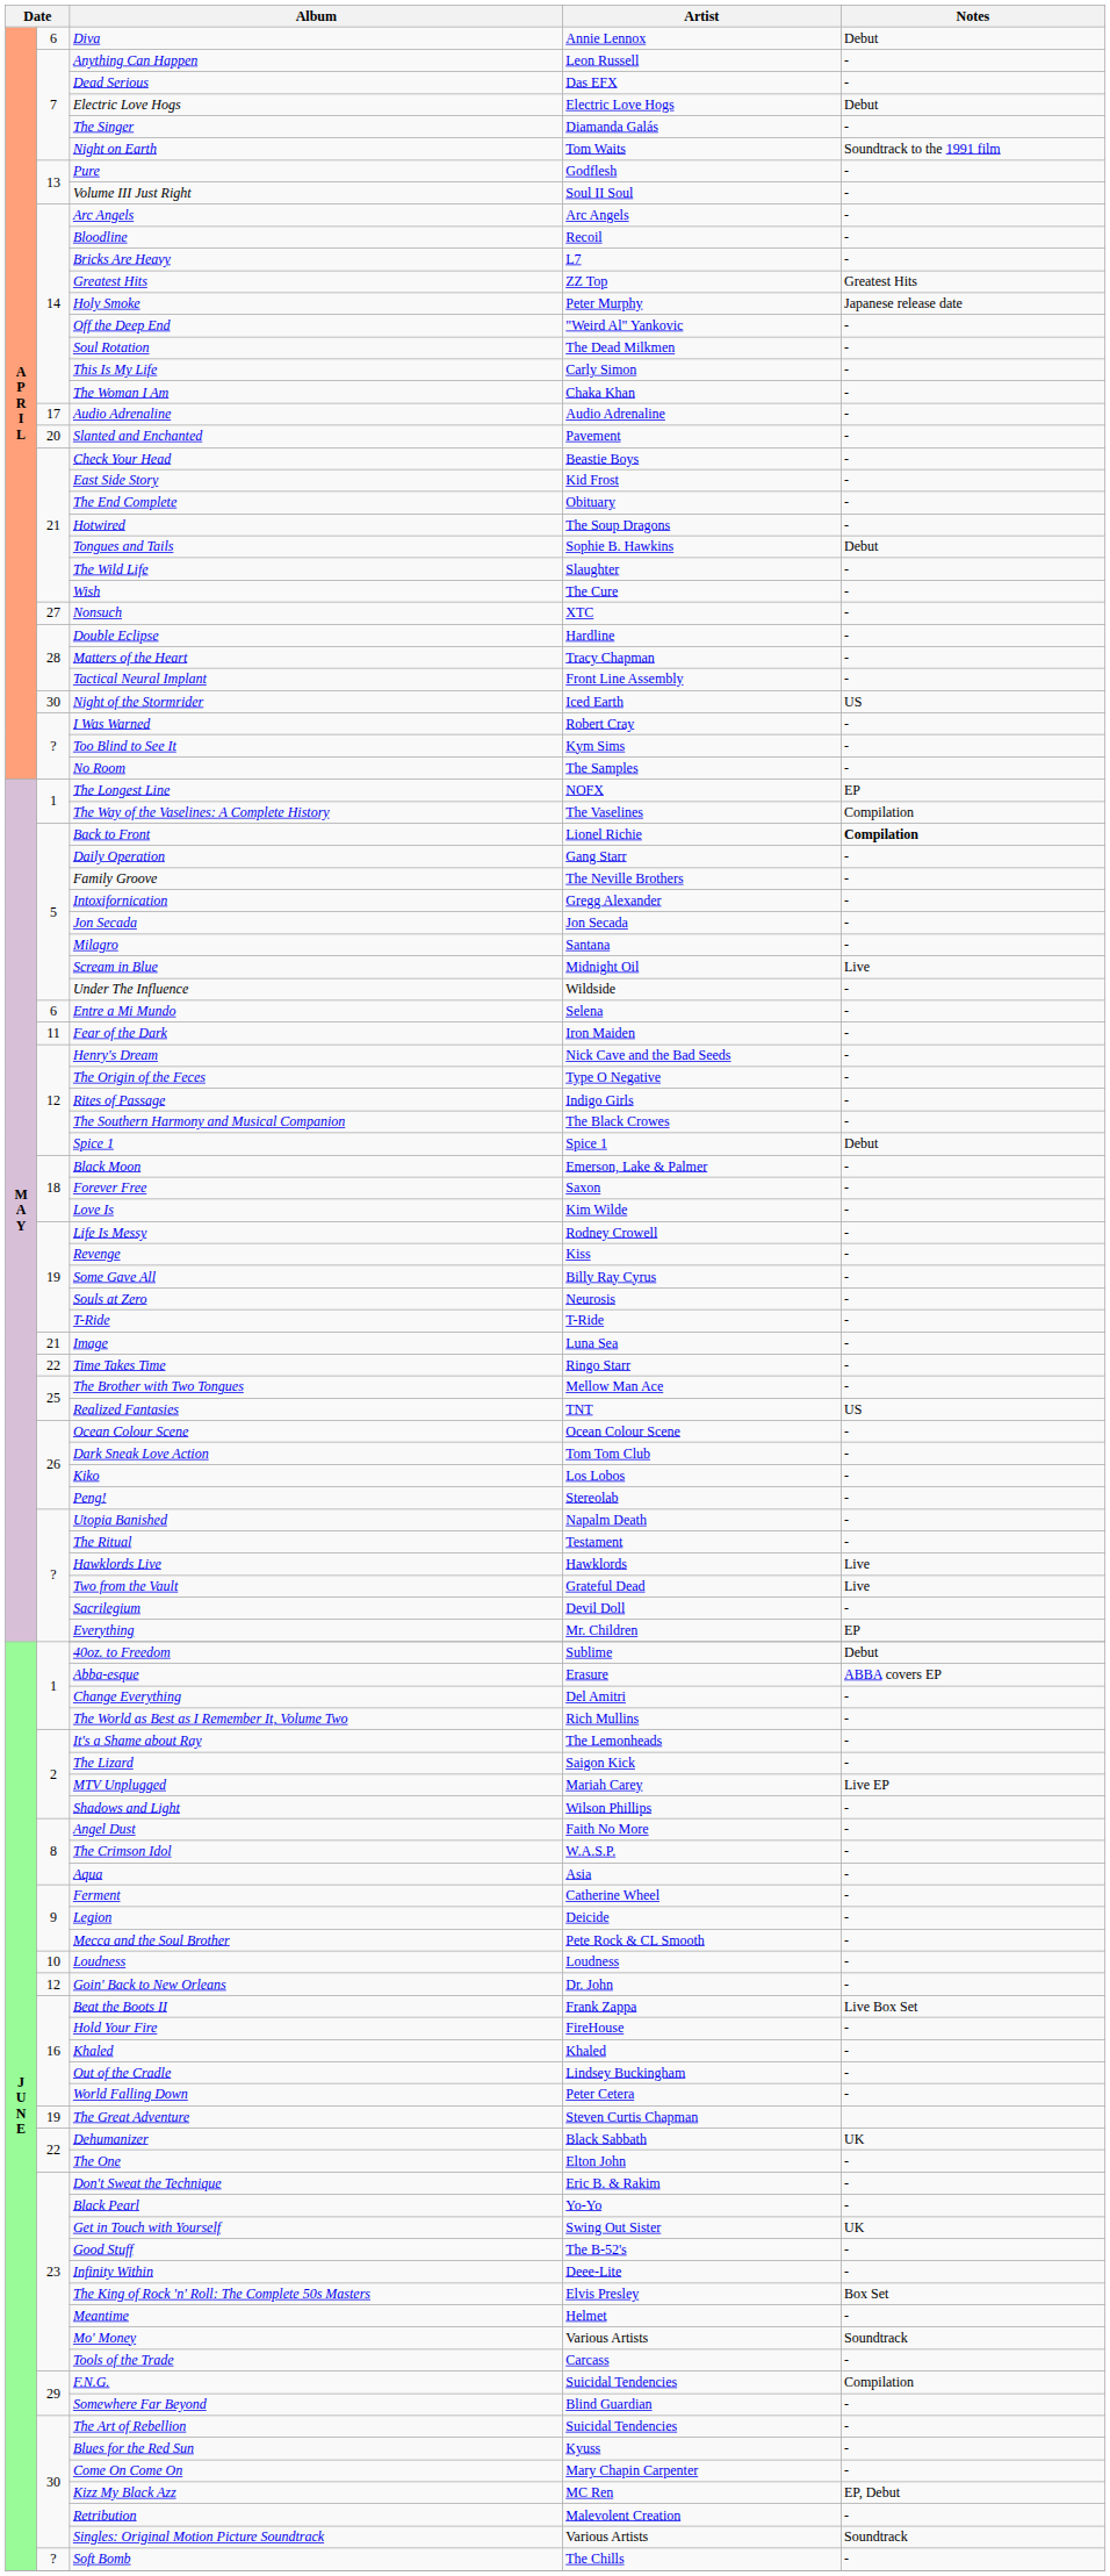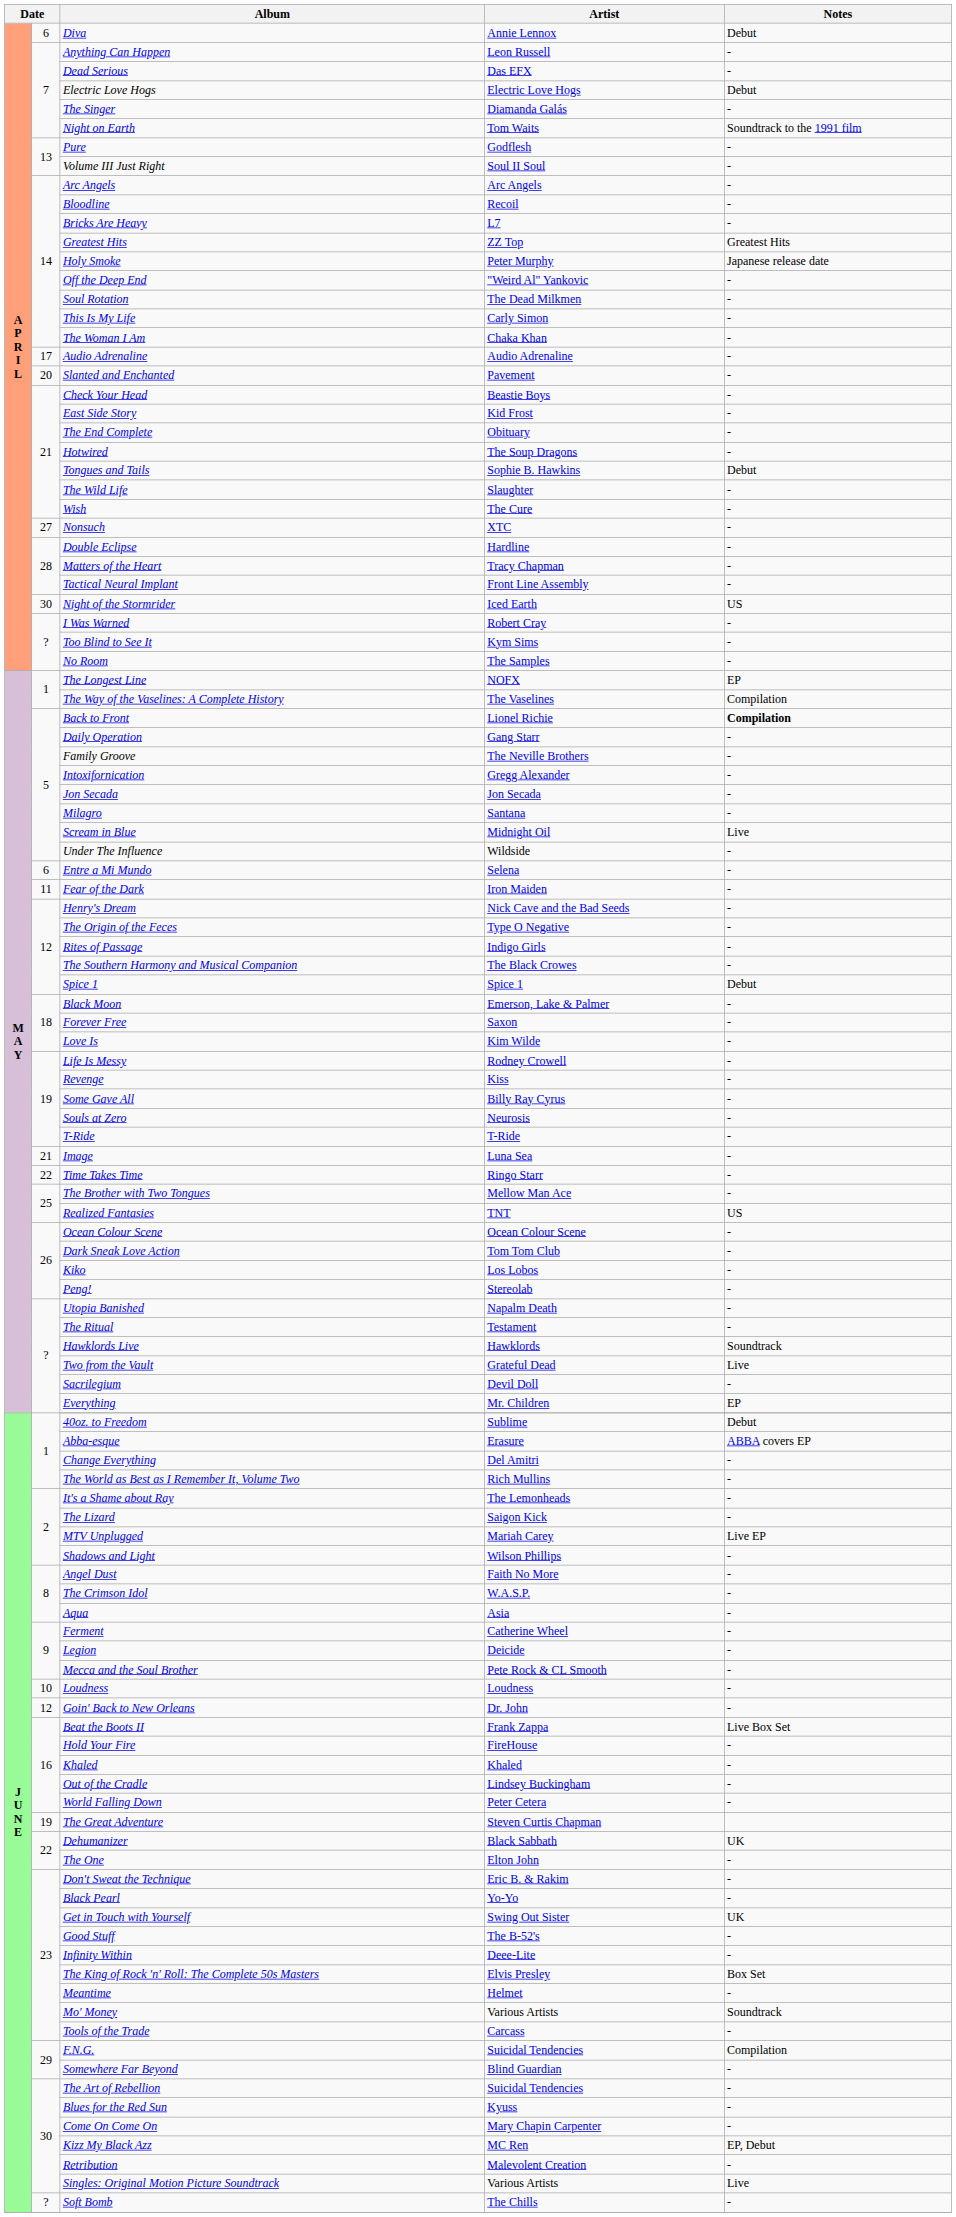 <table class="wikitable" width="100%">
 <tr>
 <th colspan="2">Date</th>
 <th>Album</th>
 <th>Artist</th>
 <th>Notes</th>
 </tr>
 <tr>
 <td rowspan="34" valign="center" align="center" style="background:#FFA07A; textcolor:#000;"><strong>A<br>P<br>R<br>I<br>L</strong></td>
 <td align="center">6</td>
 <td><em><a href='#'>Diva</a></em></td>
 <td><a href='#'>Annie Lennox</a></td>
 <td>Debut</td>
 </tr>
 <tr>
 <td rowspan="5" align="center">7</td>
 <td><em><a href='#'>Anything Can Happen</a></em></td>
 <td><a href='#'>Leon Russell</a></td>
 <td>-</td>
 </tr>
 <tr>
 <td><em><a href='#'>Dead Serious</a></em></td>
 <td><a href='#'>Das EFX</a></td>
 <td>-</td>
 </tr>
 <tr>
 <td><em>Electric Love Hogs</em></td>
 <td><a href='#'>Electric Love Hogs</a></td>
 <td>Debut</td>
 </tr>
 <tr>
 <td><em><a href='#'>The Singer</a></em></td>
 <td><a href='#'>Diamanda Galás</a></td>
 <td>-</td>
 </tr>
 <tr>
 <td><em><a href='#'>Night on Earth</a></em></td>
 <td><a href='#'>Tom Waits</a></td>
 <td>Soundtrack to the <a href='#'>1991 film</a></td>
 </tr>
 <tr>
 <td rowspan="2" align="center">13</td>
 <td><em><a href='#'>Pure</a></em></td>
 <td><a href='#'>Godflesh</a></td>
 <td>-</td>
 </tr>
 <tr>
 <td><em>Volume III Just Right</em></td>
 <td><a href='#'>Soul II Soul</a></td>
 <td>-</td>
 </tr>
 <tr>
 <td rowspan="9" align="center">14</td>
 <td><em><a href='#'>Arc Angels</a></em></td>
 <td><a href='#'>Arc Angels</a></td>
 <td>-</td>
 </tr>
 <tr>
 <td><em><a href='#'>Bloodline</a></em></td>
 <td><a href='#'>Recoil</a></td>
 <td>-</td>
 </tr>
 <tr>
 <td><em><a href='#'>Bricks Are Heavy</a></em></td>
 <td><a href='#'>L7</a></td>
 <td>-</td>
 </tr>
 <tr>
 <td><em><a href='#'>Greatest Hits</a></em></td>
 <td><a href='#'>ZZ Top</a></td>
 <td>Greatest Hits</td>
 </tr>
 <tr>
 <td><em><a href='#'>Holy Smoke</a></em></td>
 <td><a href='#'>Peter Murphy</a></td>
 <td>Japanese release date</td>
 </tr>
 <tr>
 <td><em><a href='#'>Off the Deep End</a></em></td>
 <td><a href='#'>"Weird Al" Yankovic</a></td>
 <td>-</td>
 </tr>
 <tr>
 <td><em><a href='#'>Soul Rotation</a></em></td>
 <td><a href='#'>The Dead Milkmen</a></td>
 <td>-</td>
 </tr>
 <tr>
 <td><em><a href='#'>This Is My Life</a></em></td>
 <td><a href='#'>Carly Simon</a></td>
 <td>-</td>
 </tr>
 <tr>
 <td><em><a href='#'>The Woman I Am</a></em></td>
 <td><a href='#'>Chaka Khan</a></td>
 <td>-</td>
 </tr>
 <tr>
 <td align="center">17</td>
 <td><em><a href='#'>Audio Adrenaline</a></em></td>
 <td><a href='#'>Audio Adrenaline</a></td>
 <td>-</td>
 </tr>
 <tr>
 <td align="center">20</td>
 <td><em><a href='#'>Slanted and Enchanted</a></em></td>
 <td><a href='#'>Pavement</a></td>
 <td>-</td>
 </tr>
 <tr>
 <td rowspan="7" align="center">21</td>
 <td><em><a href='#'>Check Your Head</a></em></td>
 <td><a href='#'>Beastie Boys</a></td>
 <td>-</td>
 </tr>
 <tr>
 <td><em><a href='#'>East Side Story</a></em></td>
 <td><a href='#'>Kid Frost</a></td>
 <td>-</td>
 </tr>
 <tr>
 <td><em><a href='#'>The End Complete</a></em></td>
 <td><a href='#'>Obituary</a></td>
 <td>-</td>
 </tr>
 <tr>
 <td><em><a href='#'>Hotwired</a></em></td>
 <td><a href='#'>The Soup Dragons</a></td>
 <td>-</td>
 </tr>
 <tr>
 <td><em><a href='#'>Tongues and Tails</a></em></td>
 <td><a href='#'>Sophie B. Hawkins</a></td>
 <td>Debut</td>
 </tr>
 <tr>
 <td><em><a href='#'>The Wild Life</a></em></td>
 <td><a href='#'>Slaughter</a></td>
 <td>-</td>
 </tr>
 <tr>
 <td><em><a href='#'>Wish</a></em></td>
 <td><a href='#'>The Cure</a></td>
 <td>-</td>
 </tr>
 <tr>
 <td align="center">27</td>
 <td><em><a href='#'>Nonsuch</a></em></td>
 <td><a href='#'>XTC</a></td>
 <td>-</td>
 </tr>
 <tr>
 <td rowspan="3" align="center">28</td>
 <td><em><a href='#'>Double Eclipse</a></em></td>
 <td><a href='#'>Hardline</a></td>
 <td>-</td>
 </tr>
 <tr>
 <td><em><a href='#'>Matters of the Heart</a></em></td>
 <td><a href='#'>Tracy Chapman</a></td>
 <td>-</td>
 </tr>
 <tr>
 <td><em><a href='#'>Tactical Neural Implant</a></em></td>
 <td><a href='#'>Front Line Assembly</a></td>
 <td>-</td>
 </tr>
 <tr>
 <td rowspan="1" align="center">30</td>
 <td><em><a href='#'>Night of the Stormrider</a></em></td>
 <td><a href='#'>Iced Earth</a></td>
 <td>US</td>
 </tr>
 <tr>
 <td rowspan="3" align="center">?</td>
 <td><em><a href='#'>I Was Warned</a></em></td>
 <td><a href='#'>Robert Cray</a></td>
 <td>-</td>
 </tr>
 <tr>
 <td><em><a href='#'>Too Blind to See It</a></em></td>
 <td><a href='#'>Kym Sims</a></td>
 <td>-</td>
 </tr>
 <tr>
 <td><em><a href='#'>No Room</a></em></td>
 <td><a href='#'>The Samples</a></td>
 <td>-</td>
 </tr>
 <tr>
 <td rowspan="39" valign="center" align="center" style="background:#D8BFD8; textcolor:#000;"><strong>M<br>A<br>Y</strong></td>
 <td rowspan="2" align="center">1</td>
 <td><em><a href='#'>The Longest Line</a></em></td>
 <td><a href='#'>NOFX</a></td>
 <td>EP</td>
 </tr>
 <tr>
 <td><em><a href='#'>The Way of the Vaselines: A Complete History</a></em></td>
 <td><a href='#'>The Vaselines</a></td>
 <td>Compilation</td>
 </tr>
 <tr>
 <td rowspan="8" align="center">5</td>
 <td><em><a href='#'>Back to Front</a></em></td>
 <td><a href='#'>Lionel Richie</a></td>
 <td><strong>Compilation</strong></td>
 </tr>
 <tr>
 <td><em><a href='#'>Daily Operation</a></em></td>
 <td><a href='#'>Gang Starr</a></td>
 <td>-</td>
 </tr>
 <tr>
 <td><em>Family Groove</em></td>
 <td><a href='#'>The Neville Brothers</a></td>
 <td>-</td>
 </tr>
 <tr>
 <td><em><a href='#'>Intoxifornication</a></em></td>
 <td><a href='#'>Gregg Alexander</a></td>
 <td>-</td>
 </tr>
 <tr>
 <td><em><a href='#'>Jon Secada</a></em></td>
 <td><a href='#'>Jon Secada</a></td>
 <td>-</td>
 </tr>
 <tr>
 <td><em><a href='#'>Milagro</a></em></td>
 <td><a href='#'>Santana</a></td>
 <td>-</td>
 </tr>
 <tr>
 <td><em><a href='#'>Scream in Blue</a></em></td>
 <td><a href='#'>Midnight Oil</a></td>
 <td>Live</td>
 </tr>
 <tr>
 <td><em>Under The Influence</em></td>
 <td>Wildside</td>
 <td>-</td>
 </tr>
 <tr>
 <td align="center">6</td>
 <td><em><a href='#'>Entre a Mi Mundo</a></em></td>
 <td><a href='#'>Selena</a></td>
 <td>-</td>
 </tr>
 <tr>
 <td align="center">11</td>
 <td><em><a href='#'>Fear of the Dark</a></em></td>
 <td><a href='#'>Iron Maiden</a></td>
 <td>-</td>
 </tr>
 <tr>
 <td rowspan="5" align="center">12</td>
 <td><em><a href='#'>Henry's Dream</a></em></td>
 <td><a href='#'>Nick Cave and the Bad Seeds</a></td>
 <td>-</td>
 </tr>
 <tr>
 <td><em><a href='#'>The Origin of the Feces</a></em></td>
 <td><a href='#'>Type O Negative</a></td>
 <td>-</td>
 </tr>
 <tr>
 <td><em><a href='#'>Rites of Passage</a></em></td>
 <td><a href='#'>Indigo Girls</a></td>
 <td>-</td>
 </tr>
 <tr>
 <td><em><a href='#'>The Southern Harmony and Musical Companion</a></em></td>
 <td><a href='#'>The Black Crowes</a></td>
 <td>-</td>
 </tr>
 <tr>
 <td><em><a href='#'>Spice 1</a></em></td>
 <td><a href='#'>Spice 1</a></td>
 <td>Debut</td>
 </tr>
 <tr>
 <td rowspan="3" align="center">18</td>
 <td><em><a href='#'>Black Moon</a></em></td>
 <td><a href='#'>Emerson, Lake & Palmer</a></td>
 <td>-</td>
 </tr>
 <tr>
 <td><em><a href='#'>Forever Free</a></em></td>
 <td><a href='#'>Saxon</a></td>
 <td>-</td>
 </tr>
 <tr>
 <td><em><a href='#'>Love Is</a></em></td>
 <td><a href='#'>Kim Wilde</a></td>
 <td>-</td>
 </tr>
 <tr>
 <td rowspan="5" align="center">19</td>
 <td><em><a href='#'>Life Is Messy</a></em></td>
 <td><a href='#'>Rodney Crowell</a></td>
 <td>-</td>
 </tr>
 <tr>
 <td><em><a href='#'>Revenge</a></em></td>
 <td><a href='#'>Kiss</a></td>
 <td>-</td>
 </tr>
 <tr>
 <td><em><a href='#'>Some Gave All</a></em></td>
 <td><a href='#'>Billy Ray Cyrus</a></td>
 <td>-</td>
 </tr>
 <tr>
 <td><em><a href='#'>Souls at Zero</a></em></td>
 <td><a href='#'>Neurosis</a></td>
 <td>-</td>
 </tr>
 <tr>
 <td><em><a href='#'>T-Ride</a></em></td>
 <td><a href='#'>T-Ride</a></td>
 <td>-</td>
 </tr>
 <tr>
 <td style="text-align:center;">21</td>
 <td><em><a href='#'>Image</a></em></td>
 <td><a href='#'>Luna Sea</a></td>
 <td>-</td>
 </tr>
 <tr>
 <td style="text-align:center;">22</td>
 <td><em><a href='#'>Time Takes Time</a></em></td>
 <td><a href='#'>Ringo Starr</a></td>
 <td>-</td>
 </tr>
 <tr>
 <td rowspan="2" align="center">25</td>
 <td><em><a href='#'>The Brother with Two Tongues</a></em></td>
 <td><a href='#'>Mellow Man Ace</a></td>
 <td>-</td>
 </tr>
 <tr>
 <td><em><a href='#'>Realized Fantasies</a></em></td>
 <td><a href='#'>TNT</a></td>
 <td>US</td>
 </tr>
 <tr>
 <td rowspan="4" align="center">26</td>
 <td><em><a href='#'>Ocean Colour Scene</a></em></td>
 <td><a href='#'>Ocean Colour Scene</a></td>
 <td>-</td>
 </tr>
 <tr>
 <td><em><a href='#'>Dark Sneak Love Action</a></em></td>
 <td><a href='#'>Tom Tom Club</a></td>
 <td>-</td>
 </tr>
 <tr>
 <td><em><a href='#'>Kiko</a></em></td>
 <td><a href='#'>Los Lobos</a></td>
 <td>-</td>
 </tr>
 <tr>
 <td><em><a href='#'>Peng!</a></em></td>
 <td><a href='#'>Stereolab</a></td>
 <td>-</td>
 </tr>
 <tr>
 <td rowspan="6" align="center">?</td>
 <td><em><a href='#'>Utopia Banished</a></em></td>
 <td><a href='#'>Napalm Death</a></td>
 <td>-</td>
 </tr>
 <tr>
 <td><em><a href='#'>The Ritual</a></em></td>
 <td><a href='#'>Testament</a></td>
 <td>-</td>
 </tr>
 <tr>
 <td><em><a href='#'>Hawklords Live</a></em></td>
 <td><a href='#'>Hawklords</a></td>
-<td>Live</td>
+<td>Soundtrack</td>
 </tr>
 <tr>
 <td><em><a href='#'>Two from the Vault</a></em></td>
 <td><a href='#'>Grateful Dead</a></td>
 <td>Live</td>
 </tr>
 <tr>
 <td><em><a href='#'>Sacrilegium</a></em></td>
 <td><a href='#'>Devil Doll</a></td>
 <td>-</td>
 </tr>
 <tr>
 <td><em><a href='#'>Everything</a></em></td>
 <td><a href='#'>Mr. Children</a></td>
 <td>EP</td>
 </tr>
 <tr>
 <td rowspan="43" style="background:#98FB98; textcolor:#000;" valign="center" align="center"><strong>J<br>U<br>N<br>E</strong></td>
 <td rowspan="5" align="center">1</td>
 </tr>
 <tr>
 <td><em><a href='#'>40oz. to Freedom</a></em></td>
 <td><a href='#'>Sublime</a></td>
 <td>Debut</td>
 </tr>
 <tr>
 <td><em><a href='#'>Abba-esque</a></em></td>
 <td><a href='#'>Erasure</a></td>
 <td><a href='#'>ABBA</a> covers EP</td>
 </tr>
 <tr>
 <td><em><a href='#'>Change Everything</a></em></td>
 <td><a href='#'>Del Amitri</a></td>
 <td>-</td>
 </tr>
 <tr>
 <td><em><a href='#'>The World as Best as I Remember It, Volume Two</a></em></td>
 <td><a href='#'>Rich Mullins</a></td>
 <td>-</td>
 </tr>
 <tr>
 <td rowspan="4" align="center">2</td>
 <td><em><a href='#'>It's a Shame about Ray</a></em></td>
 <td><a href='#'>The Lemonheads</a></td>
 <td>-</td>
 </tr>
 <tr>
 <td><em><a href='#'>The Lizard</a></em></td>
 <td><a href='#'>Saigon Kick</a></td>
 <td>-</td>
 </tr>
 <tr>
 <td><em><a href='#'>MTV Unplugged</a></em></td>
 <td><a href='#'>Mariah Carey</a></td>
 <td>Live EP</td>
 </tr>
 <tr>
 <td><em><a href='#'>Shadows and Light</a></em></td>
 <td><a href='#'>Wilson Phillips</a></td>
 <td>-</td>
 </tr>
 <tr>
 <td rowspan="3" align="center">8</td>
 <td><em><a href='#'>Angel Dust</a></em></td>
 <td><a href='#'>Faith No More</a></td>
 <td>-</td>
 </tr>
 <tr>
 <td><em><a href='#'>The Crimson Idol</a></em></td>
 <td><a href='#'>W.A.S.P.</a></td>
 <td>-</td>
 </tr>
 <tr>
 <td><em><a href='#'>Aqua</a></em></td>
 <td><a href='#'>Asia</a></td>
 <td>-</td>
 </tr>
 <tr>
 <td rowspan="3" align="center">9</td>
 <td><em><a href='#'>Ferment</a></em></td>
 <td><a href='#'>Catherine Wheel</a></td>
 <td>-</td>
 </tr>
 <tr>
 <td><em><a href='#'>Legion</a></em></td>
 <td><a href='#'>Deicide</a></td>
 <td>-</td>
 </tr>
 <tr>
 <td><em><a href='#'>Mecca and the Soul Brother</a></em></td>
 <td><a href='#'>Pete Rock & CL Smooth</a></td>
 <td>-</td>
 </tr>
 <tr>
 <td style="text-align:center;">10</td>
 <td><em><a href='#'>Loudness</a></em></td>
 <td><a href='#'>Loudness</a></td>
 <td>-</td>
 </tr>
 <tr>
 <td rowspan="1" align="center">12</td>
 <td><em><a href='#'>Goin' Back to New Orleans</a></em></td>
 <td><a href='#'>Dr. John</a></td>
 <td>-</td>
 </tr>
 <tr>
 <td rowspan="5" align="center">16</td>
 <td><em><a href='#'>Beat the Boots II</a></em></td>
 <td><a href='#'>Frank Zappa</a></td>
 <td>Live Box Set</td>
 </tr>
 <tr>
 <td><em><a href='#'>Hold Your Fire</a></em></td>
 <td><a href='#'>FireHouse</a></td>
 <td>-</td>
 </tr>
 <tr>
 <td><em><a href='#'>Khaled</a></em></td>
 <td><a href='#'>Khaled</a></td>
 <td>-</td>
 </tr>
 <tr>
 <td><em><a href='#'>Out of the Cradle</a></em></td>
 <td><a href='#'>Lindsey Buckingham</a></td>
 <td>-</td>
 </tr>
 <tr>
 <td><em><a href='#'>World Falling Down</a></em></td>
 <td><a href='#'>Peter Cetera</a></td>
 <td>-</td>
 </tr>
 <tr>
 <td rowspan="1" align="center">19</td>
 <td><em><a href='#'>The Great Adventure</a></em></td>
 <td><a href='#'>Steven Curtis Chapman</a></td>
 <td></td>
 </tr>
 <tr>
 <td rowspan="2" align="center">22</td>
 <td><em><a href='#'>Dehumanizer</a></em></td>
 <td><a href='#'>Black Sabbath</a></td>
 <td>UK</td>
 </tr>
 <tr>
 <td><em><a href='#'>The One</a></em></td>
 <td><a href='#'>Elton John</a></td>
 <td>-</td>
 </tr>
 <tr>
 <td rowspan="9" align="center">23</td>
 <td><em><a href='#'>Don't Sweat the Technique</a></em></td>
 <td><a href='#'>Eric B. & Rakim</a></td>
 <td>-</td>
 </tr>
 <tr>
 <td><em><a href='#'>Black Pearl</a></em></td>
 <td><a href='#'>Yo-Yo</a></td>
 <td>-</td>
 </tr>
 <tr>
 <td><em><a href='#'>Get in Touch with Yourself</a></em></td>
 <td><a href='#'>Swing Out Sister</a></td>
 <td>UK</td>
 </tr>
 <tr>
 <td><em><a href='#'>Good Stuff</a></em></td>
 <td><a href='#'>The B-52's</a></td>
 <td>-</td>
 </tr>
 <tr>
 <td><em><a href='#'>Infinity Within</a></em></td>
 <td><a href='#'>Deee-Lite</a></td>
 <td>-</td>
 </tr>
 <tr>
 <td><em><a href='#'>The King of Rock 'n' Roll: The Complete 50s Masters</a></em></td>
 <td><a href='#'>Elvis Presley</a></td>
 <td>Box Set</td>
 </tr>
 <tr>
 <td><em><a href='#'>Meantime</a></em></td>
 <td><a href='#'>Helmet</a></td>
 <td>-</td>
 </tr>
 <tr>
 <td><em><a href='#'>Mo' Money</a></em></td>
 <td>Various Artists</td>
 <td>Soundtrack</td>
 </tr>
 <tr>
 <td><em><a href='#'>Tools of the Trade</a></em></td>
 <td><a href='#'>Carcass</a></td>
 <td>-</td>
 </tr>
 <tr>
 <td rowspan="2" align="center">29</td>
 <td><em><a href='#'>F.N.G.</a></em></td>
 <td><a href='#'>Suicidal Tendencies</a></td>
 <td>Compilation</td>
 </tr>
 <tr>
 <td><em><a href='#'>Somewhere Far Beyond</a></em></td>
 <td><a href='#'>Blind Guardian</a></td>
 <td>-</td>
 </tr>
 <tr>
 <td rowspan="6" align="center">30</td>
 <td><em><a href='#'>The Art of Rebellion</a></em></td>
 <td><a href='#'>Suicidal Tendencies</a></td>
 <td>-</td>
 </tr>
 <tr>
 <td><em><a href='#'>Blues for the Red Sun</a></em></td>
 <td><a href='#'>Kyuss</a></td>
 <td>-</td>
 </tr>
 <tr>
 <td><em><a href='#'>Come On Come On</a></em></td>
 <td><a href='#'>Mary Chapin Carpenter</a></td>
 <td>-</td>
 </tr>
 <tr>
 <td><em><a href='#'>Kizz My Black Azz</a></em></td>
 <td><a href='#'>MC Ren</a></td>
 <td>EP, Debut</td>
 </tr>
 <tr>
 <td><em><a href='#'>Retribution</a></em></td>
 <td><a href='#'>Malevolent Creation</a></td>
 <td>-</td>
 </tr>
 <tr>
 <td><em><a href='#'>Singles: Original Motion Picture Soundtrack</a></em></td>
 <td>Various Artists</td>
-<td>Soundtrack</td>
+<td>Live</td>
 </tr>
 <tr>
 <td align="center">?</td>
 <td><em><a href='#'>Soft Bomb</a></em></td>
 <td><a href='#'>The Chills</a></td>
 <td>-</td>
 </tr>
 <tr>
 </tr>
 </table>
